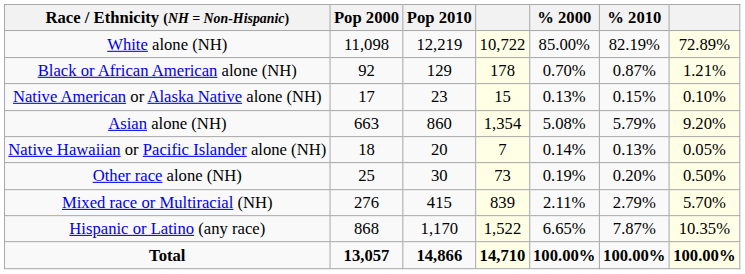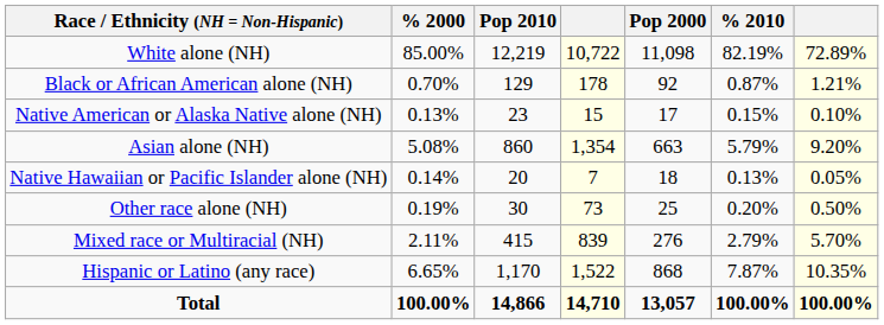 <table class="wikitable" style="text-align:center;">
 <tr>
 <th>Race / Ethnicity <small>(<em>NH = Non-Hispanic</em>)</small></th>
-<th>Pop 2000</th>
+<th>% 2000</th>
 <th>Pop 2010</th>
 <th></th>
-<th>% 2000</th>
+<th>Pop 2000</th>
 <th>% 2010</th>
 <th></th>
 </tr>
 <tr>
 <td><a href='#'>White</a> alone (NH)</td>
-<td>11,098</td>
+<td>85.00%</td>
 <td>12,219</td>
 <td style='background: #ffffe6;'>10,722</td>
-<td>85.00%</td>
+<td>11,098</td>
 <td>82.19%</td>
 <td style='background: #ffffe6;'>72.89%</td>
 </tr>
 <tr>
 <td><a href='#'>Black or African American</a> alone (NH)</td>
-<td>92</td>
+<td>0.70%</td>
 <td>129</td>
 <td style='background: #ffffe6;'>178</td>
-<td>0.70%</td>
+<td>92</td>
 <td>0.87%</td>
 <td style='background: #ffffe6;'>1.21%</td>
 </tr>
 <tr>
 <td><a href='#'>Native American</a> or <a href='#'>Alaska Native</a> alone (NH)</td>
-<td>17</td>
+<td>0.13%</td>
 <td>23</td>
 <td style='background: #ffffe6;'>15</td>
-<td>0.13%</td>
+<td>17</td>
 <td>0.15%</td>
 <td style='background: #ffffe6;'>0.10%</td>
 </tr>
 <tr>
 <td><a href='#'>Asian</a> alone (NH)</td>
-<td>663</td>
+<td>5.08%</td>
 <td>860</td>
 <td style='background: #ffffe6;'>1,354</td>
-<td>5.08%</td>
+<td>663</td>
 <td>5.79%</td>
 <td style='background: #ffffe6;'>9.20%</td>
 </tr>
 <tr>
 <td><a href='#'>Native Hawaiian</a> or <a href='#'>Pacific Islander</a> alone (NH)</td>
-<td>18</td>
+<td>0.14%</td>
 <td>20</td>
 <td style='background: #ffffe6;'>7</td>
-<td>0.14%</td>
+<td>18</td>
 <td>0.13%</td>
 <td style='background: #ffffe6;'>0.05%</td>
 </tr>
 <tr>
 <td><a href='#'>Other race</a> alone (NH)</td>
-<td>25</td>
+<td>0.19%</td>
 <td>30</td>
 <td style='background: #ffffe6;'>73</td>
-<td>0.19%</td>
+<td>25</td>
 <td>0.20%</td>
 <td style='background: #ffffe6;'>0.50%</td>
 </tr>
 <tr>
 <td><a href='#'>Mixed race or Multiracial</a> (NH)</td>
-<td>276</td>
+<td>2.11%</td>
 <td>415</td>
 <td style='background: #ffffe6;'>839</td>
-<td>2.11%</td>
+<td>276</td>
 <td>2.79%</td>
 <td style='background: #ffffe6;'>5.70%</td>
 </tr>
 <tr>
 <td><a href='#'>Hispanic or Latino</a> (any race)</td>
-<td>868</td>
+<td>6.65%</td>
 <td>1,170</td>
 <td style='background: #ffffe6;'>1,522</td>
-<td>6.65%</td>
+<td>868</td>
 <td>7.87%</td>
 <td style='background: #ffffe6;'>10.35%</td>
 </tr>
 <tr>
 <td><strong>Total</strong></td>
-<td><strong>13,057</strong></td>
+<td><strong>100.00%</strong></td>
 <td><strong>14,866</strong></td>
 <td style='background: #ffffe6;'><strong>14,710</strong></td>
-<td><strong>100.00%</strong></td>
+<td><strong>13,057</strong></td>
 <td><strong>100.00%</strong></td>
 <td style='background: #ffffe6;'><strong>100.00%</strong></td>
 </tr>
 </table>
